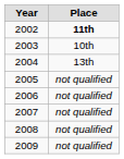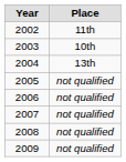 <table class="wikitable">
 <tr align="center" bgcolor="#dfdfdf">
 <td width="60"><strong>Year</strong></td>
 <td width="100"><strong>Place</strong></td>
 </tr>
 <tr align="center">
 <td>2002</td>
-<td><strong>11th</strong></td>
+<td>11th</td>
 </tr>
 <tr align="center">
 <td>2003</td>
 <td>10th</td>
 </tr>
 <tr align="center">
 <td>2004</td>
 <td>13th</td>
 </tr>
 <tr align="center">
 <td>2005</td>
 <td><em>not qualified</em></td>
 </tr>
 <tr align="center">
 <td>2006</td>
 <td><em>not qualified</em></td>
 </tr>
 <tr align="center">
 <td>2007</td>
 <td><em>not qualified</em></td>
 </tr>
 <tr align="center">
 <td>2008</td>
 <td><em>not qualified</em></td>
 </tr>
 <tr align="center">
 <td>2009</td>
 <td><em>not qualified</em></td>
 </tr>
 </table>
